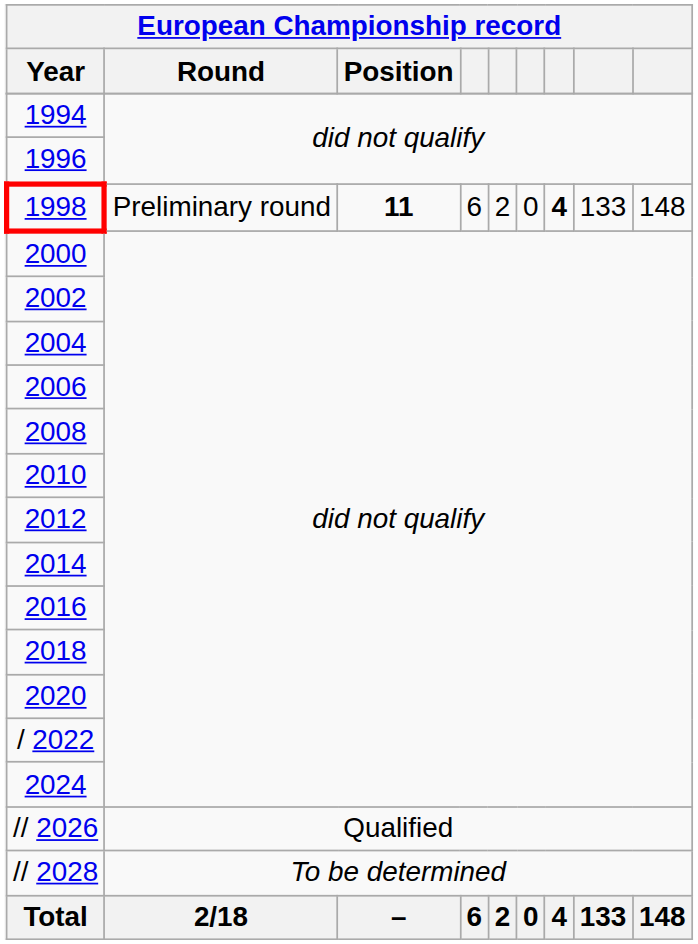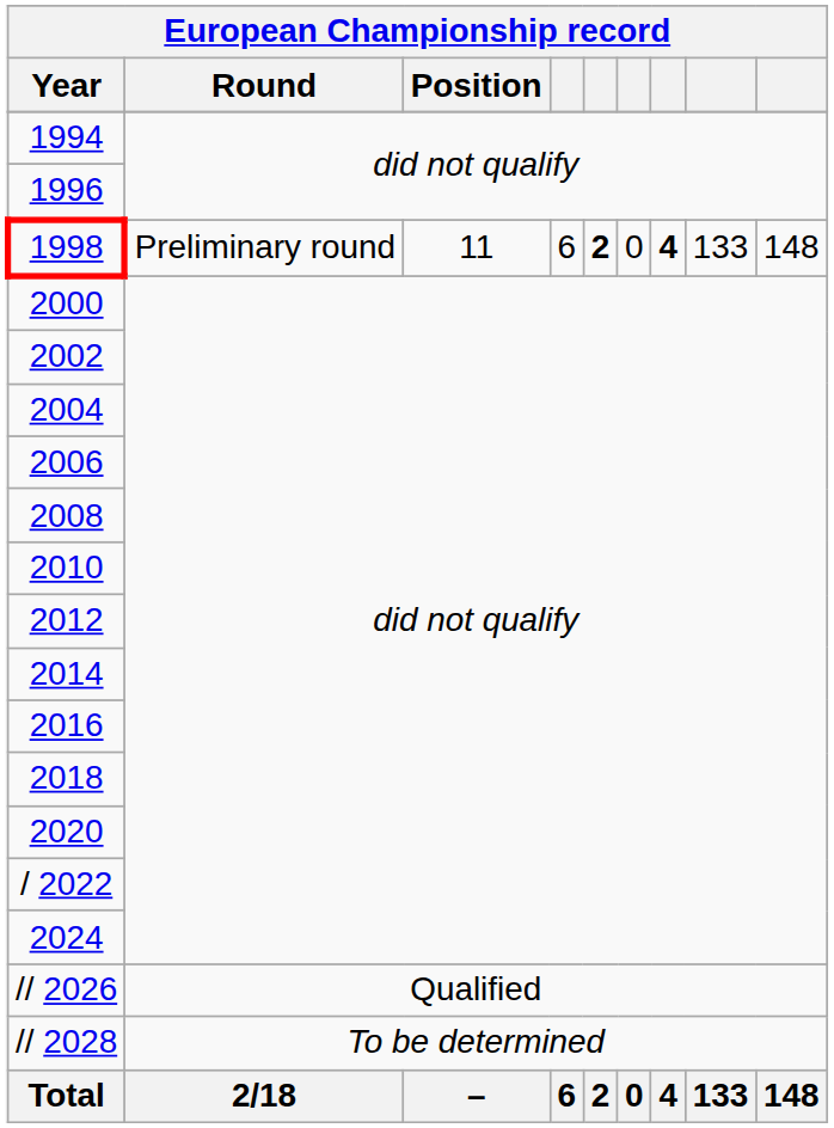 <table class="wikitable" style="text-align: center;">
 <tr>
 <th colspan=9><a href='#'>European Championship record</a></th>
 </tr>
 <tr>
 <th>Year</th>
 <th>Round</th>
 <th>Position</th>
 <th></th>
 <th></th>
 <th></th>
 <th></th>
 <th></th>
 <th></th>
 </tr>
 <tr>
 </tr>
 <tr>
 <td> <a href='#'>1994</a></td>
 <td colspan="8" rowspan="2"><em>did not qualify</em></td>
 </tr>
 <tr>
 <td> <a href='#'>1996</a></td>
 </tr>
 <tr>
 <td style="border: 3px solid red"> <a href='#'>1998</a></td>
 <td>Preliminary round</td>
-<td><strong>11</strong></td>
+<td>11</td>
 <td>6</td>
-<td>2</td>
+<td><strong>2</strong></td>
 <td>0</td>
 <td><strong>4</strong></td>
 <td>133</td>
 <td>148</td>
 </tr>
 <tr>
 <td> <a href='#'>2000</a></td>
 <td colspan="9" rowspan="13"><em>did not qualify</em></td>
 </tr>
 <tr>
 <td> <a href='#'>2002</a></td>
 </tr>
 <tr>
 <td> <a href='#'>2004</a></td>
 </tr>
 <tr>
 <td> <a href='#'>2006</a></td>
 </tr>
 <tr>
 <td> <a href='#'>2008</a></td>
 </tr>
 <tr>
 <td> <a href='#'>2010</a></td>
 </tr>
 <tr>
 <td> <a href='#'>2012</a></td>
 </tr>
 <tr>
 <td> <a href='#'>2014</a></td>
 </tr>
 <tr>
 <td> <a href='#'>2016</a></td>
 </tr>
 <tr>
 <td> <a href='#'>2018</a></td>
 </tr>
 <tr>
 <td> <a href='#'>2020</a></td>
 </tr>
 <tr>
 <td>/ <a href='#'>2022</a></td>
 </tr>
 <tr>
 <td> <a href='#'>2024</a></td>
 </tr>
 <tr>
 <td>// <a href='#'>2026</a></td>
 <td colspan=9>Qualified</td>
 </tr>
 <tr>
 <td>// <a href='#'>2028</a></td>
 <td colspan=9><em> To be determined </em></td>
 </tr>
 <tr>
 <th>Total</th>
 <th>2/18</th>
 <th>–</th>
 <th>6</th>
 <th>2</th>
 <th>0</th>
 <th>4</th>
 <th>133</th>
 <th>148</th>
 </tr>
 </table>
